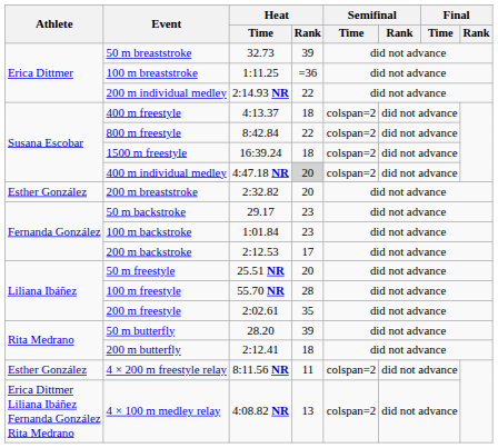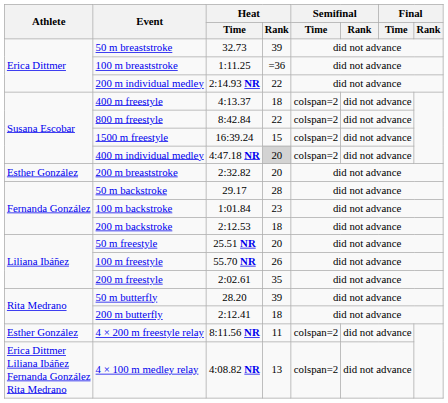 <table class=wikitable style="font-size:90%">
 <tr>
 <th rowspan=2>Athlete</th>
 <th rowspan=2>Event</th>
 <th colspan="2">Heat</th>
 <th colspan="2">Semifinal</th>
 <th colspan="2">Final</th>
 </tr>
 <tr style="font-size:95%">
 <th>Time</th>
 <th>Rank</th>
 <th>Time</th>
 <th>Rank</th>
 <th>Time</th>
 <th>Rank</th>
 </tr>
 <tr align=center>
 <td align=left rowspan=3><a href='#'>Erica Dittmer</a></td>
 <td align=left><a href='#'>50 m breaststroke</a></td>
 <td>32.73</td>
 <td>39</td>
 <td colspan=4>did not advance</td>
 </tr>
 <tr align=center>
 <td align=left><a href='#'>100 m breaststroke</a></td>
 <td>1:11.25</td>
 <td>=36</td>
 <td colspan=4>did not advance</td>
 </tr>
 <tr align=center>
 <td align=left><a href='#'>200 m individual medley</a></td>
 <td>2:14.93 <strong><a href='#'>NR</a></strong></td>
 <td>22</td>
 <td colspan=4>did not advance</td>
 </tr>
 <tr align=center>
 <td align=left rowspan=4><a href='#'>Susana Escobar</a></td>
 <td align=left><a href='#'>400 m freestyle</a></td>
 <td>4:13.37</td>
 <td>18</td>
 <td>colspan=2 </td>
 <td colspan=2>did not advance</td>
 </tr>
 <tr align=center>
 <td align=left><a href='#'>800 m freestyle</a></td>
 <td>8:42.84</td>
 <td>22</td>
 <td>colspan=2 </td>
 <td colspan=2>did not advance</td>
 </tr>
 <tr align=center>
 <td align=left><a href='#'>1500 m freestyle</a></td>
 <td>16:39.24</td>
-<td>18</td>
+<td>15</td>
 <td>colspan=2 </td>
 <td colspan=2>did not advance</td>
 </tr>
 <tr align=center>
 <td align=left><a href='#'>400 m individual medley</a></td>
 <td>4:47.18 <strong><a href='#'>NR</a></strong></td>
 <td style="background: lightgrey;">20</td>
 <td>colspan=2 </td>
 <td colspan=2>did not advance</td>
 </tr>
 <tr align=center>
 <td align=left><a href='#'>Esther González</a></td>
 <td align=left><a href='#'>200 m breaststroke</a></td>
 <td>2:32.82</td>
 <td>20</td>
 <td colspan=4>did not advance</td>
 </tr>
 <tr align=center>
 <td align=left rowspan=3><a href='#'>Fernanda González</a></td>
 <td align=left><a href='#'>50 m backstroke</a></td>
 <td>29.17</td>
-<td>23</td>
+<td>28</td>
 <td colspan=4>did not advance</td>
 </tr>
 <tr align=center>
 <td align=left><a href='#'>100 m backstroke</a></td>
 <td>1:01.84</td>
 <td>23</td>
 <td colspan=4>did not advance</td>
 </tr>
 <tr align=center>
 <td align=left><a href='#'>200 m backstroke</a></td>
 <td>2:12.53</td>
-<td>17</td>
+<td>18</td>
 <td colspan=4>did not advance</td>
 </tr>
 <tr align=center>
 <td align=left rowspan=3><a href='#'>Liliana Ibáñez</a></td>
 <td align=left><a href='#'>50 m freestyle</a></td>
 <td>25.51 <strong><a href='#'>NR</a></strong></td>
 <td>20</td>
 <td colspan=4>did not advance</td>
 </tr>
 <tr align=center>
 <td align=left><a href='#'>100 m freestyle</a></td>
 <td>55.70 <strong><a href='#'>NR</a></strong></td>
-<td>28</td>
+<td>26</td>
 <td colspan=4>did not advance</td>
 </tr>
 <tr align=center>
 <td align=left><a href='#'>200 m freestyle</a></td>
 <td>2:02.61</td>
 <td>35</td>
 <td colspan=4>did not advance</td>
 </tr>
 <tr align=center>
 <td align=left rowspan=2><a href='#'>Rita Medrano</a></td>
 <td align=left><a href='#'>50 m butterfly</a></td>
 <td>28.20</td>
 <td>39</td>
 <td colspan=4>did not advance</td>
 </tr>
 <tr align=center>
 <td align=left><a href='#'>200 m butterfly</a></td>
 <td>2:12.41</td>
 <td>18</td>
 <td colspan=4>did not advance</td>
 </tr>
 <tr align=center>
 <td align=left><a href='#'>Esther González</a></td>
 <td align=left><a href='#'>4 × 200 m freestyle relay</a></td>
 <td>8:11.56 <strong><a href='#'>NR</a></strong></td>
 <td>11</td>
 <td>colspan=2 </td>
 <td colspan=2>did not advance</td>
 </tr>
 <tr align=center>
 <td align=left><a href='#'>Erica Dittmer</a><br><a href='#'>Liliana Ibáñez</a><br><a href='#'>Fernanda González</a><br><a href='#'>Rita Medrano</a></td>
 <td align=left><a href='#'>4 × 100 m medley relay</a></td>
 <td>4:08.82 <strong><a href='#'>NR</a></strong></td>
 <td>13</td>
 <td>colspan=2 </td>
 <td colspan=2>did not advance</td>
 </tr>
 </table>
